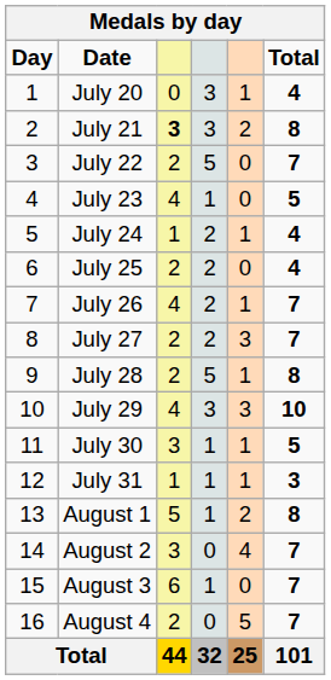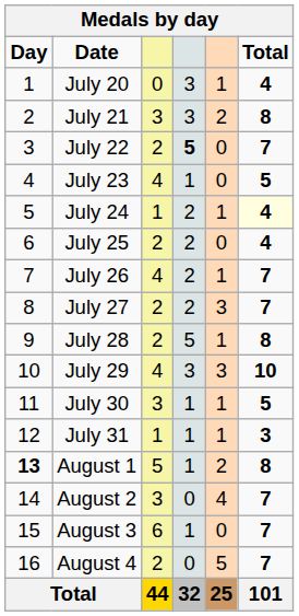 <table class=wikitable style="font-size:85%; float:right;text-align:center">
 <tr>
 <th colspan=7>Medals by day</th>
 </tr>
 <tr>
 <td><strong>Day</strong></td>
 <td><strong>Date</strong></td>
 <td bgcolor=F7F6A8></td>
 <td bgcolor=DCE5E5></td>
 <td bgcolor=FFDAB9></td>
 <td><strong>Total</strong></td>
 </tr>
 <tr>
 <td>1</td>
 <td>July 20</td>
 <td bgcolor=F7F6A8>0</td>
 <td bgcolor=DCE5E5>3</td>
 <td bgcolor=FFDAB9>1</td>
 <td><strong>4</strong></td>
 </tr>
 <tr>
 <td>2</td>
 <td>July 21</td>
-<td bgcolor=F7F6A8><strong>3</strong></td>
+<td bgcolor=F7F6A8>3</td>
 <td bgcolor=DCE5E5>3</td>
 <td bgcolor=FFDAB9>2</td>
 <td><strong>8</strong></td>
 </tr>
 <tr>
 <td>3</td>
 <td>July 22</td>
 <td bgcolor=F7F6A8>2</td>
-<td bgcolor=DCE5E5>5</td>
+<td bgcolor=DCE5E5><strong>5</strong></td>
 <td bgcolor=FFDAB9>0</td>
 <td><strong>7</strong></td>
 </tr>
 <tr>
 <td>4</td>
 <td>July 23</td>
 <td bgcolor=F7F6A8>4</td>
 <td bgcolor=DCE5E5>1</td>
 <td bgcolor=FFDAB9>0</td>
 <td><strong>5</strong></td>
 </tr>
 <tr>
 <td>5</td>
 <td>July 24</td>
 <td bgcolor=F7F6A8>1</td>
 <td bgcolor=DCE5E5>2</td>
 <td bgcolor=FFDAB9>1</td>
-<td><strong>4</strong></td>
+<td style="background: lightyellow;"><strong>4</strong></td>
 </tr>
 <tr>
 <td>6</td>
 <td>July 25</td>
 <td bgcolor=F7F6A8>2</td>
 <td bgcolor=DCE5E5>2</td>
 <td bgcolor=FFDAB9>0</td>
 <td><strong>4</strong></td>
 </tr>
 <tr>
 <td>7</td>
 <td>July 26</td>
 <td bgcolor=F7F6A8>4</td>
 <td bgcolor=DCE5E5>2</td>
 <td bgcolor=FFDAB9>1</td>
 <td><strong>7</strong></td>
 </tr>
 <tr>
 <td>8</td>
 <td>July 27</td>
 <td bgcolor=F7F6A8>2</td>
 <td bgcolor=DCE5E5>2</td>
 <td bgcolor=FFDAB9>3</td>
 <td><strong>7</strong></td>
 </tr>
 <tr>
 <td>9</td>
 <td>July 28</td>
 <td bgcolor=F7F6A8>2</td>
 <td bgcolor=DCE5E5>5</td>
 <td bgcolor=FFDAB9>1</td>
 <td><strong>8</strong></td>
 </tr>
 <tr>
 <td>10</td>
 <td>July 29</td>
 <td bgcolor=F7F6A8>4</td>
 <td bgcolor=DCE5E5>3</td>
 <td bgcolor=FFDAB9>3</td>
 <td><strong>10</strong></td>
 </tr>
 <tr>
 <td>11</td>
 <td>July 30</td>
 <td bgcolor=F7F6A8>3</td>
 <td bgcolor=DCE5E5>1</td>
 <td bgcolor=FFDAB9>1</td>
 <td><strong>5</strong></td>
 </tr>
 <tr>
 <td>12</td>
 <td>July 31</td>
 <td bgcolor=F7F6A8>1</td>
 <td bgcolor=DCE5E5>1</td>
 <td bgcolor=FFDAB9>1</td>
 <td><strong>3</strong></td>
 </tr>
 <tr>
-<td>13</td>
+<td><strong>13</strong></td>
 <td>August 1</td>
 <td bgcolor=F7F6A8>5</td>
 <td bgcolor=DCE5E5>1</td>
 <td bgcolor=FFDAB9>2</td>
 <td><strong>8</strong></td>
 </tr>
 <tr>
 <td>14</td>
 <td>August 2</td>
 <td bgcolor=F7F6A8>3</td>
 <td bgcolor=DCE5E5>0</td>
 <td bgcolor=FFDAB9>4</td>
 <td><strong>7</strong></td>
 </tr>
 <tr>
 <td>15</td>
 <td>August 3</td>
 <td bgcolor=F7F6A8>6</td>
 <td bgcolor=DCE5E5>1</td>
 <td bgcolor=FFDAB9>0</td>
 <td><strong>7</strong></td>
 </tr>
 <tr>
 <td>16</td>
 <td>August 4</td>
 <td bgcolor=F7F6A8>2</td>
 <td bgcolor=DCE5E5>0</td>
 <td bgcolor=FFDAB9>5</td>
 <td><strong>7</strong></td>
 </tr>
 <tr>
 <th colspan=2>Total</th>
 <th style=background:gold>44</th>
 <th style=background:silver>32</th>
 <th style=background:#C96>25</th>
 <th>101</th>
 </tr>
 </table>
